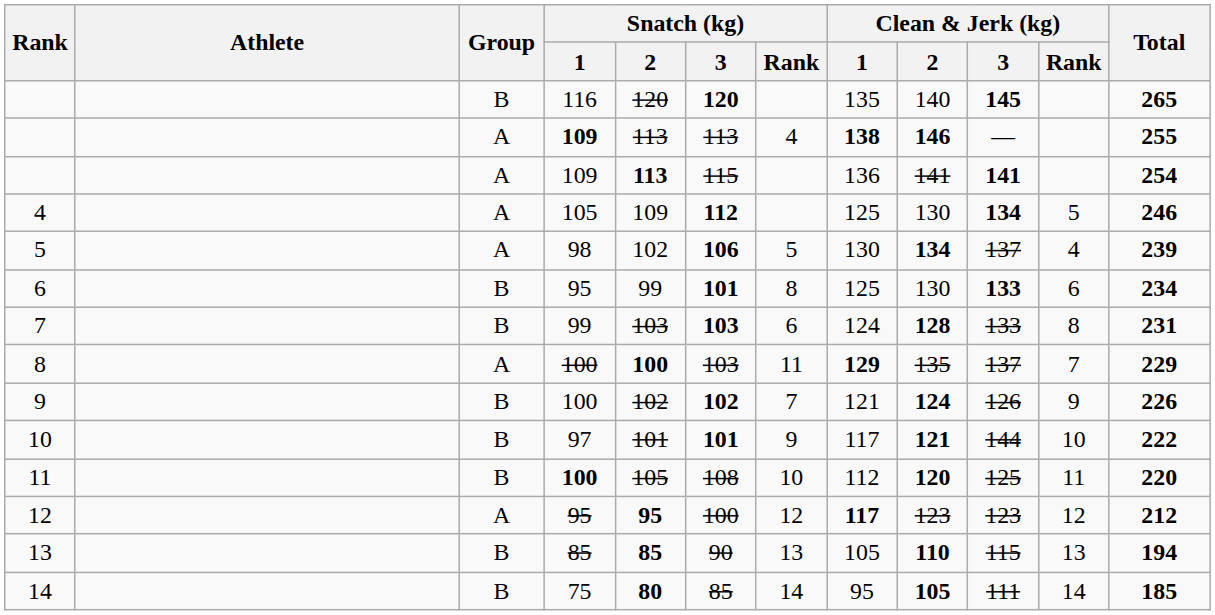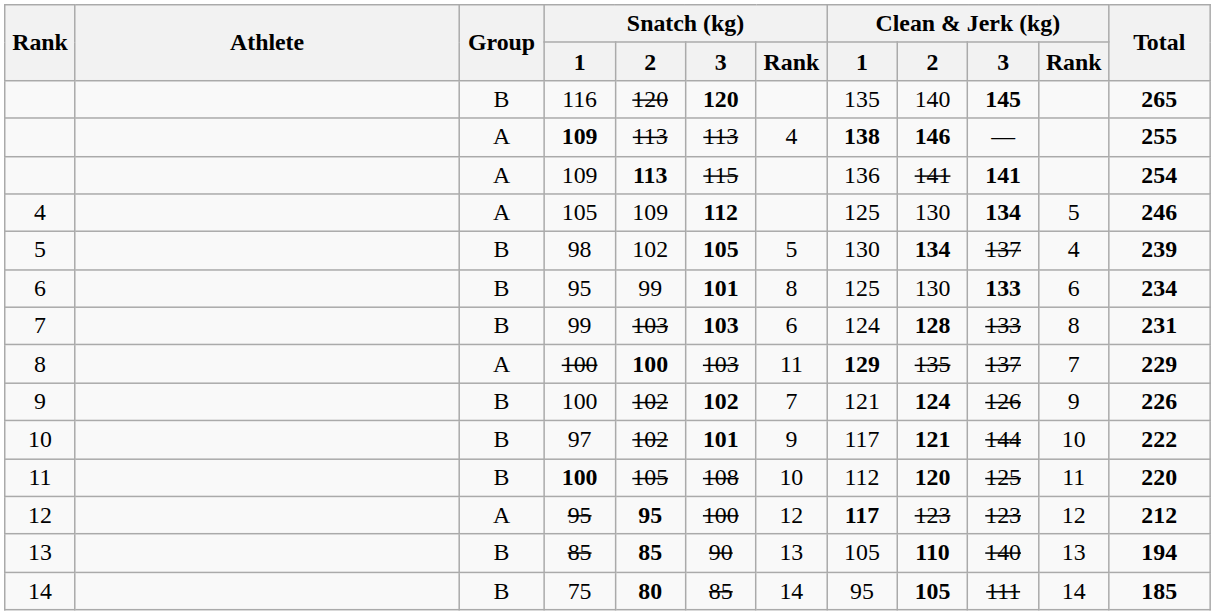 <table class = "wikitable" style="text-align:center;">
 <tr>
 <th rowspan=2 width=40>Rank</th>
 <th rowspan=2 width=250>Athlete</th>
 <th rowspan=2 width=50>Group</th>
 <th colspan=4>Snatch (kg)</th>
 <th colspan=4>Clean & Jerk (kg)</th>
 <th rowspan=2 width=60>Total</th>
 </tr>
 <tr>
 <th width=40>1</th>
 <th width=40>2</th>
 <th width=40>3</th>
 <th width=40>Rank</th>
 <th width=40>1</th>
 <th width=40>2</th>
 <th width=40>3</th>
 <th width=40>Rank</th>
 </tr>
 <tr>
 <td></td>
 <td align=left></td>
 <td>B</td>
 <td>116</td>
 <td><s>120</s></td>
 <td><strong>120</strong></td>
 <td></td>
 <td>135</td>
 <td>140</td>
 <td><strong>145</strong></td>
 <td></td>
 <td><strong>265</strong></td>
 </tr>
 <tr>
 <td></td>
 <td align=left></td>
 <td>A</td>
 <td><strong>109</strong></td>
 <td><s>113</s></td>
 <td><s>113</s></td>
 <td>4</td>
 <td><strong>138</strong></td>
 <td><strong>146</strong></td>
 <td>—</td>
 <td></td>
 <td><strong>255</strong></td>
 </tr>
 <tr>
 <td></td>
 <td align=left></td>
 <td>A</td>
 <td>109</td>
 <td><strong>113</strong></td>
 <td><s>115</s></td>
 <td></td>
 <td>136</td>
 <td><s>141</s></td>
 <td><strong>141</strong></td>
 <td></td>
 <td><strong>254</strong></td>
 </tr>
 <tr>
 <td>4</td>
 <td align=left></td>
 <td>A</td>
 <td>105</td>
 <td>109</td>
 <td><strong>112</strong></td>
 <td></td>
 <td>125</td>
 <td>130</td>
 <td><strong>134</strong></td>
 <td>5</td>
 <td><strong>246</strong></td>
 </tr>
 <tr>
 <td>5</td>
 <td align=left></td>
-<td>A</td>
+<td>B</td>
 <td>98</td>
 <td>102</td>
-<td><strong>106</strong></td>
+<td><strong>105</strong></td>
 <td>5</td>
 <td>130</td>
 <td><strong>134</strong></td>
 <td><s>137</s></td>
 <td>4</td>
 <td><strong>239</strong></td>
 </tr>
 <tr>
 <td>6</td>
 <td align=left></td>
 <td>B</td>
 <td>95</td>
 <td>99</td>
 <td><strong>101</strong></td>
 <td>8</td>
 <td>125</td>
 <td>130</td>
 <td><strong>133</strong></td>
 <td>6</td>
 <td><strong>234</strong></td>
 </tr>
 <tr>
 <td>7</td>
 <td align=left></td>
 <td>B</td>
 <td>99</td>
 <td><s>103</s></td>
 <td><strong>103</strong></td>
 <td>6</td>
 <td>124</td>
 <td><strong>128</strong></td>
 <td><s>133</s></td>
 <td>8</td>
 <td><strong>231</strong></td>
 </tr>
 <tr>
 <td>8</td>
 <td align=left></td>
 <td>A</td>
 <td><s>100</s></td>
 <td><strong>100</strong></td>
 <td><s>103</s></td>
 <td>11</td>
 <td><strong>129</strong></td>
 <td><s>135</s></td>
 <td><s>137</s></td>
 <td>7</td>
 <td><strong>229</strong></td>
 </tr>
 <tr>
 <td>9</td>
 <td align=left></td>
 <td>B</td>
 <td>100</td>
 <td><s>102</s></td>
 <td><strong>102</strong></td>
 <td>7</td>
 <td>121</td>
 <td><strong>124</strong></td>
 <td><s>126</s></td>
 <td>9</td>
 <td><strong>226</strong></td>
 </tr>
 <tr>
 <td>10</td>
 <td align=left></td>
 <td>B</td>
 <td>97</td>
-<td><s>101</s></td>
+<td><s>102</s></td>
 <td><strong>101</strong></td>
 <td>9</td>
 <td>117</td>
 <td><strong>121</strong></td>
 <td><s>144</s></td>
 <td>10</td>
 <td><strong>222</strong></td>
 </tr>
 <tr>
 <td>11</td>
 <td align=left></td>
 <td>B</td>
 <td><strong>100</strong></td>
 <td><s>105</s></td>
 <td><s>108</s></td>
 <td>10</td>
 <td>112</td>
 <td><strong>120</strong></td>
 <td><s>125</s></td>
 <td>11</td>
 <td><strong>220</strong></td>
 </tr>
 <tr>
 <td>12</td>
 <td align=left></td>
 <td>A</td>
 <td><s>95</s></td>
 <td><strong>95</strong></td>
 <td><s>100</s></td>
 <td>12</td>
 <td><strong>117</strong></td>
 <td><s>123</s></td>
 <td><s>123</s></td>
 <td>12</td>
 <td><strong>212</strong></td>
 </tr>
 <tr>
 <td>13</td>
 <td align=left></td>
 <td>B</td>
 <td><s>85</s></td>
 <td><strong>85</strong></td>
 <td><s>90</s></td>
 <td>13</td>
 <td>105</td>
 <td><strong>110</strong></td>
-<td><s>115</s></td>
+<td><s>140</s></td>
 <td>13</td>
 <td><strong>194</strong></td>
 </tr>
 <tr>
 <td>14</td>
 <td align=left></td>
 <td>B</td>
 <td>75</td>
 <td><strong>80</strong></td>
 <td><s>85</s></td>
 <td>14</td>
 <td>95</td>
 <td><strong>105</strong></td>
 <td><s>111</s></td>
 <td>14</td>
 <td><strong>185</strong></td>
 </tr>
 </table>
